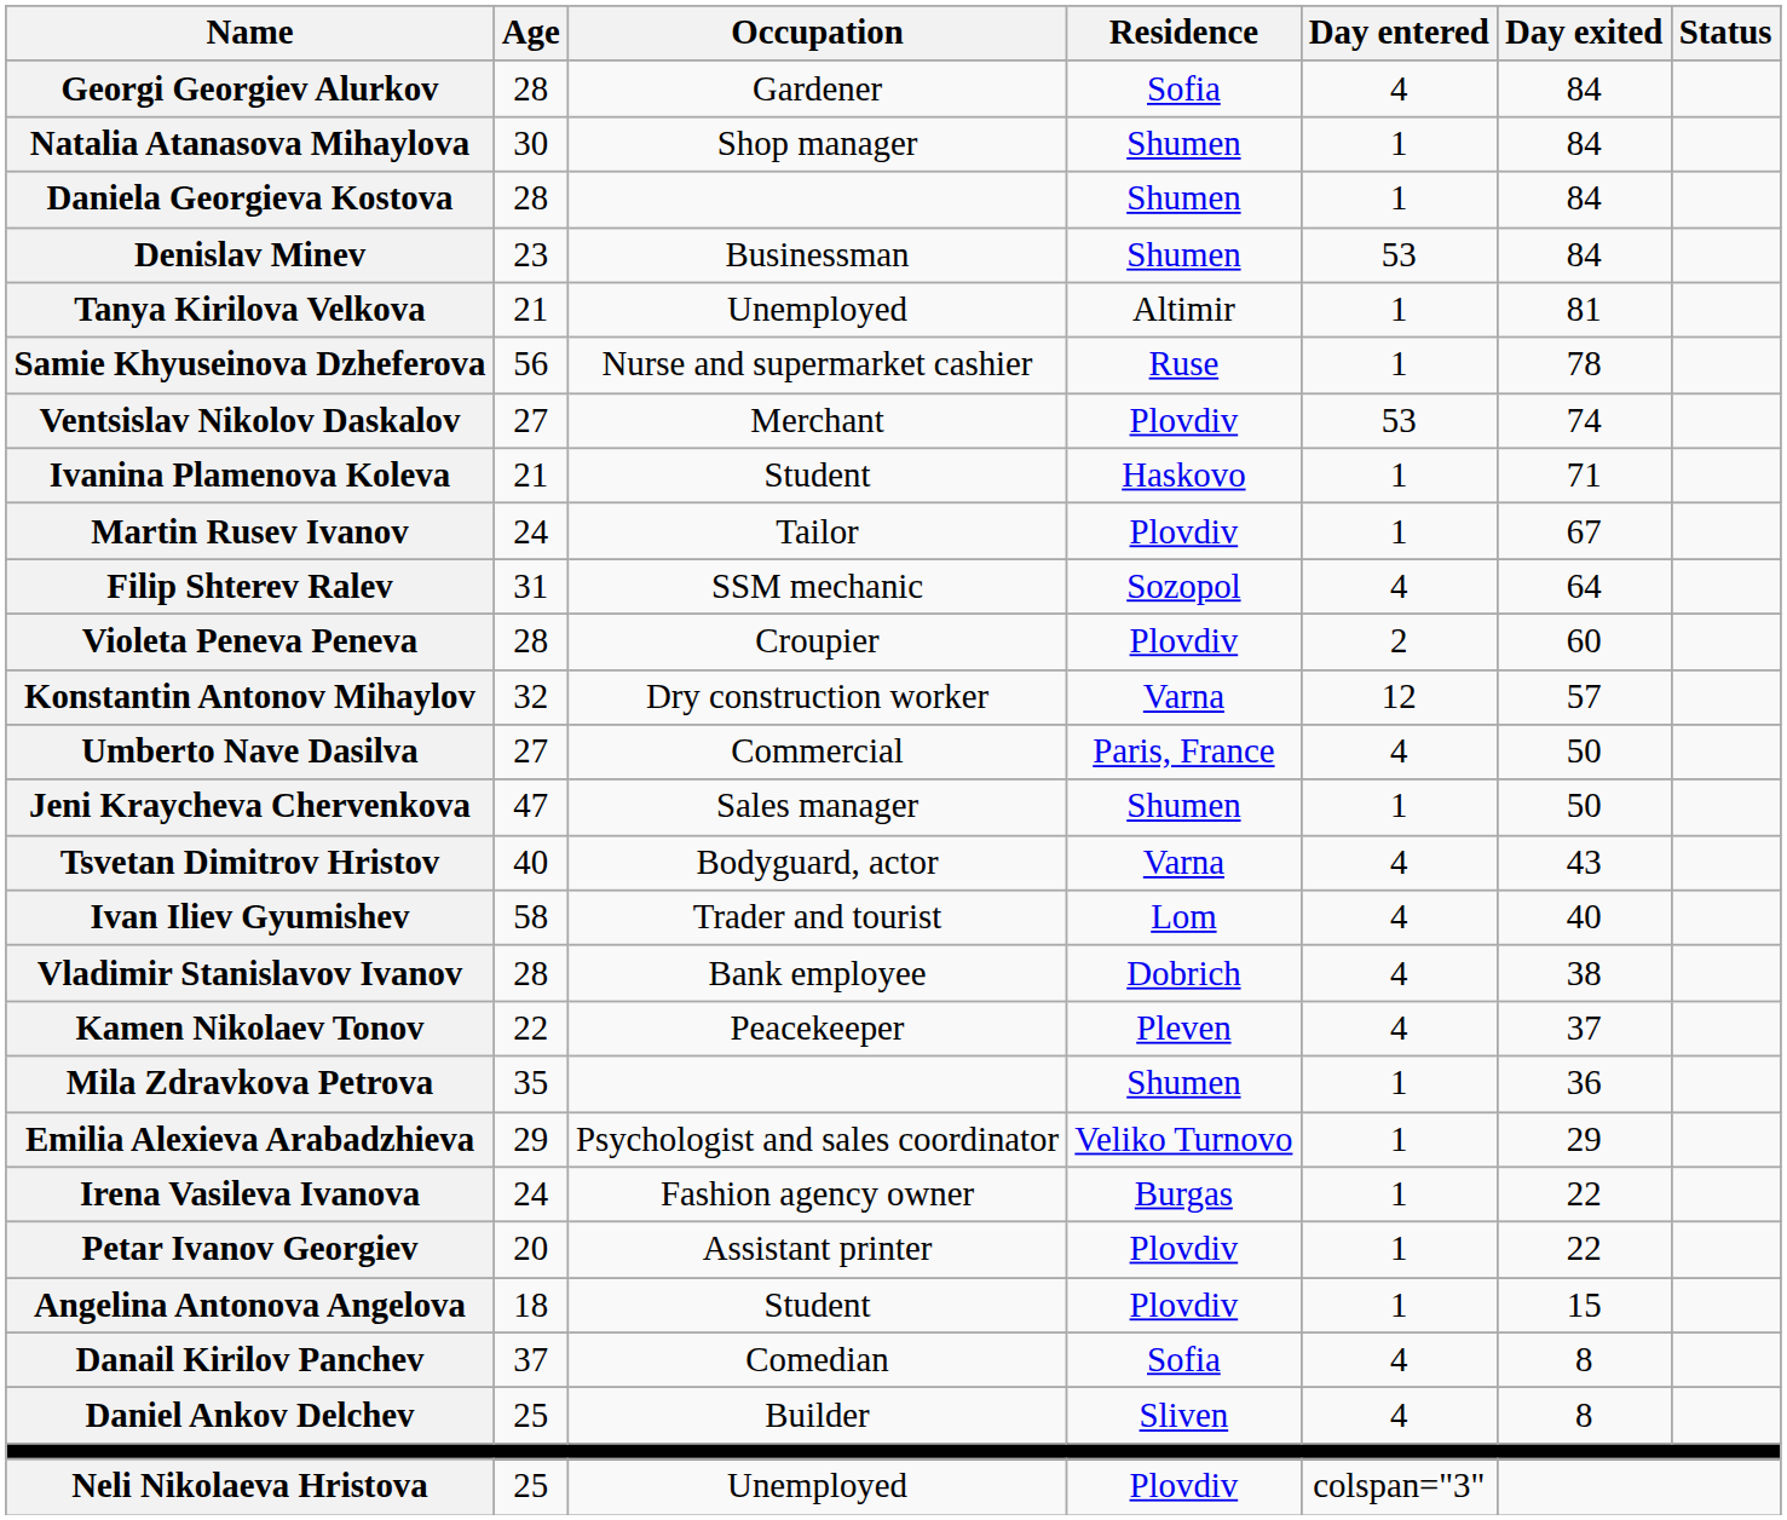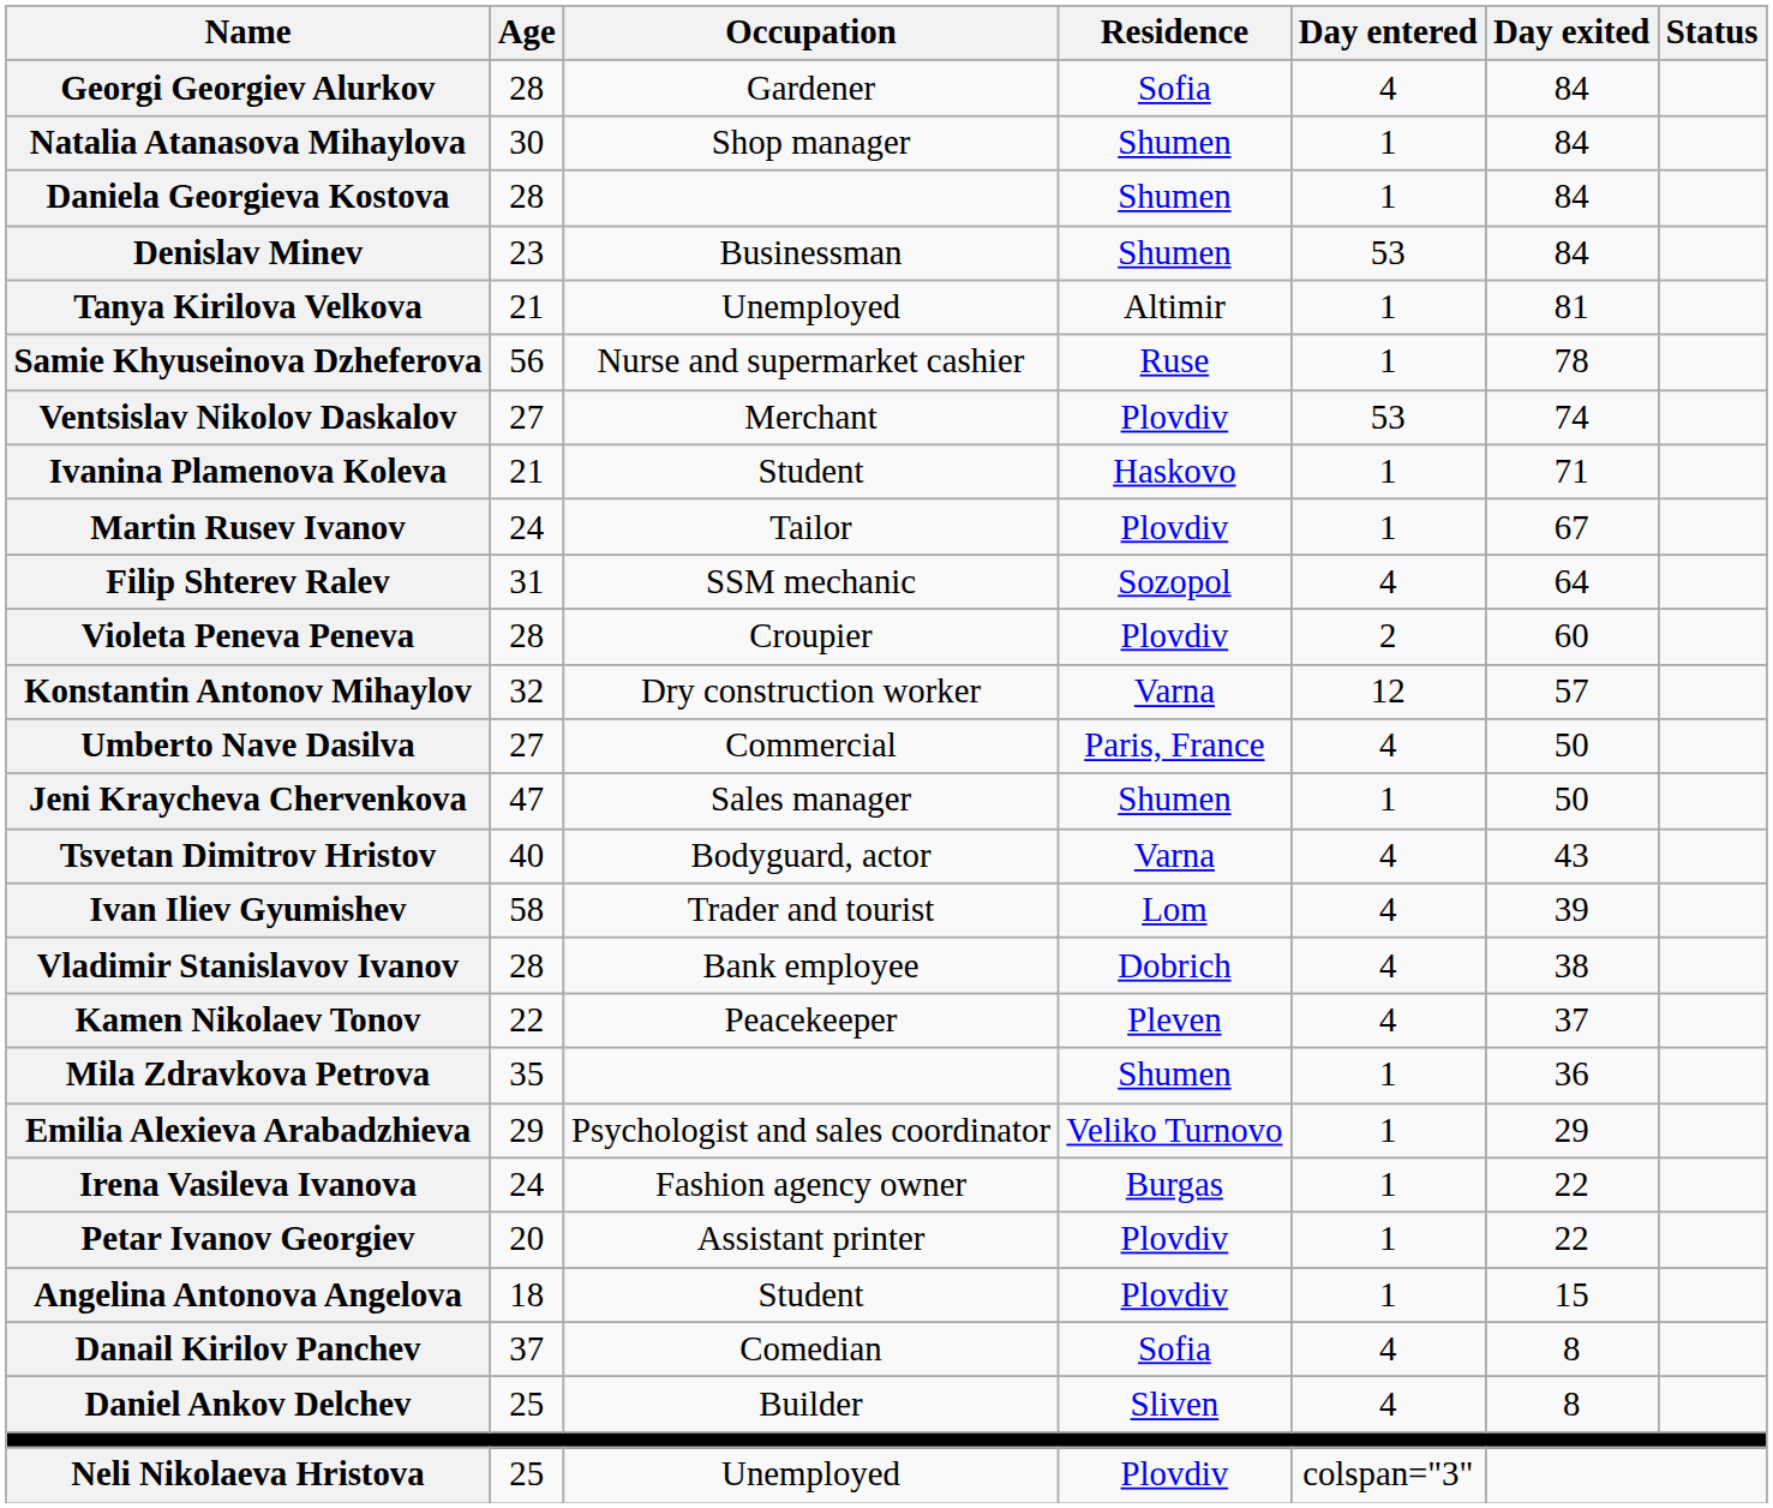 <table class="wikitable sortable" style="text-align:center;">
 <tr>
 <th>Name</th>
 <th>Age</th>
 <th>Occupation</th>
 <th>Residence</th>
 <th>Day entered</th>
 <th>Day exited</th>
 <th>Status</th>
 </tr>
 <tr>
 <th><strong>Georgi Georgiev Alurkov</strong></th>
 <td>28</td>
 <td>Gardener</td>
 <td><a href='#'>Sofia</a></td>
 <td>4</td>
 <td>84</td>
 <td></td>
 </tr>
 <tr>
 <th>Natalia Atanasova <strong>Mihaylova</strong></th>
 <td>30</td>
 <td>Shop manager</td>
 <td><a href='#'>Shumen</a></td>
 <td>1</td>
 <td>84</td>
 <td></td>
 </tr>
 <tr>
 <th><strong>Daniela Georgieva Kostova</strong></th>
 <td>28</td>
 <td></td>
 <td><a href='#'>Shumen</a></td>
 <td>1</td>
 <td>84</td>
 <td></td>
 </tr>
 <tr>
 <th><strong>Denislav Minev</strong></th>
 <td>23</td>
 <td>Businessman</td>
 <td><a href='#'>Shumen</a></td>
 <td>53</td>
 <td>84</td>
 <td></td>
 </tr>
 <tr>
 <th><strong>Tanya Kirilova Velkova</strong></th>
 <td>21</td>
 <td>Unemployed</td>
 <td>Altimir</td>
 <td>1</td>
 <td>81</td>
 <td></td>
 </tr>
 <tr>
 <th><strong>Samie Khyuseinova Dzheferova</strong></th>
 <td>56</td>
 <td>Nurse and supermarket cashier</td>
 <td><a href='#'>Ruse</a></td>
 <td>1</td>
 <td>78</td>
 <td></td>
 </tr>
 <tr>
 <th><strong>Ventsislav Nikolov Daskalov</strong></th>
 <td>27</td>
 <td>Merchant</td>
 <td><a href='#'>Plovdiv</a></td>
 <td>53</td>
 <td>74</td>
 <td></td>
 </tr>
 <tr>
 <th>Ivanina Plamenova Koleva</th>
 <td>21</td>
 <td>Student</td>
 <td><a href='#'>Haskovo</a></td>
 <td>1</td>
 <td>71</td>
 <td></td>
 </tr>
 <tr>
 <th>Martin Rusev Ivanov</th>
 <td>24</td>
 <td>Tailor</td>
 <td><a href='#'>Plovdiv</a></td>
 <td>1</td>
 <td>67</td>
 <td></td>
 </tr>
 <tr>
 <th>Filip Shterev Ralev</th>
 <td>31</td>
 <td>SSM mechanic</td>
 <td><a href='#'>Sozopol</a></td>
 <td>4</td>
 <td>64</td>
 <td></td>
 </tr>
 <tr>
 <th><strong>Violeta Peneva Peneva</strong></th>
 <td>28</td>
 <td>Croupier</td>
 <td><a href='#'>Plovdiv</a></td>
 <td>2</td>
 <td>60</td>
 <td></td>
 </tr>
 <tr>
 <th><strong>Konstantin Antonov Mihaylov</strong></th>
 <td>32</td>
 <td>Dry construction worker</td>
 <td><a href='#'>Varna</a></td>
 <td>12</td>
 <td>57</td>
 <td></td>
 </tr>
 <tr>
 <th>Umberto Nave Dasilva</th>
 <td>27</td>
 <td>Commercial</td>
 <td><a href='#'>Paris, France</a></td>
 <td>4</td>
 <td>50</td>
 <td></td>
 </tr>
 <tr>
 <th><strong>Jeni Kraycheva Chervenkova</strong></th>
 <td>47</td>
 <td>Sales manager</td>
 <td><a href='#'>Shumen</a></td>
 <td>1</td>
 <td>50</td>
 <td></td>
 </tr>
 <tr>
 <th><strong>Tsvetan Dimitrov Hristov</strong></th>
 <td>40</td>
 <td>Bodyguard, actor</td>
 <td><a href='#'>Varna</a></td>
 <td>4</td>
 <td>43</td>
 <td></td>
 </tr>
 <tr>
 <th>Ivan Iliev Gyumishev</th>
 <td>58</td>
 <td>Trader and tourist</td>
 <td><a href='#'>Lom</a></td>
 <td>4</td>
-<td>40</td>
+<td>39</td>
 <td></td>
 </tr>
 <tr>
 <th><strong>Vladimir Stanislavov Ivanov</strong></th>
 <td>28</td>
 <td>Bank employee</td>
 <td><a href='#'>Dobrich</a></td>
 <td>4</td>
 <td>38</td>
 <td></td>
 </tr>
 <tr>
 <th>Kamen Nikolaev Tonov</th>
 <td>22</td>
 <td>Peacekeeper</td>
 <td><a href='#'>Pleven</a></td>
 <td>4</td>
 <td>37</td>
 <td></td>
 </tr>
 <tr>
 <th>Mila Zdravkova Petrova</th>
 <td>35</td>
 <td></td>
 <td><a href='#'>Shumen</a></td>
 <td>1</td>
 <td>36</td>
 <td></td>
 </tr>
 <tr>
 <th>Emilia Alexieva Arabadzhieva</th>
 <td>29</td>
 <td>Psychologist and sales coordinator</td>
 <td><a href='#'>Veliko Turnovo</a></td>
 <td>1</td>
 <td>29</td>
 <td></td>
 </tr>
 <tr>
 <th>Irena Vasileva Ivanova</th>
 <td>24</td>
 <td>Fashion agency owner</td>
 <td><a href='#'>Burgas</a></td>
 <td>1</td>
 <td>22</td>
 <td></td>
 </tr>
 <tr>
 <th><strong>Petar Ivanov Georgiev</strong></th>
 <td>20</td>
 <td>Assistant printer</td>
 <td><a href='#'>Plovdiv</a></td>
 <td>1</td>
 <td>22</td>
 <td></td>
 </tr>
 <tr>
 <th>Angelina Antonova Angelova</th>
 <td>18</td>
 <td>Student</td>
 <td><a href='#'>Plovdiv</a></td>
 <td>1</td>
 <td>15</td>
 <td></td>
 </tr>
 <tr>
 <th><strong>Danail Kirilov Panchev</strong></th>
 <td>37</td>
 <td>Comedian</td>
 <td><a href='#'>Sofia</a></td>
 <td>4</td>
 <td>8</td>
 <td></td>
 </tr>
 <tr>
 <th><strong>Daniel Ankov Delchev</strong></th>
 <td>25</td>
 <td>Builder</td>
 <td><a href='#'>Sliven</a></td>
 <td>4</td>
 <td>8</td>
 <td></td>
 </tr>
 <tr>
 <td colspan="7" style="background:#000;"></td>
 </tr>
 <tr>
 <th><strong>Neli Nikolaeva Hristova</strong></th>
 <td>25</td>
 <td>Unemployed</td>
 <td><a href='#'>Plovdiv</a></td>
 <td>colspan="3" 	</td>
 </tr>
 </table>
